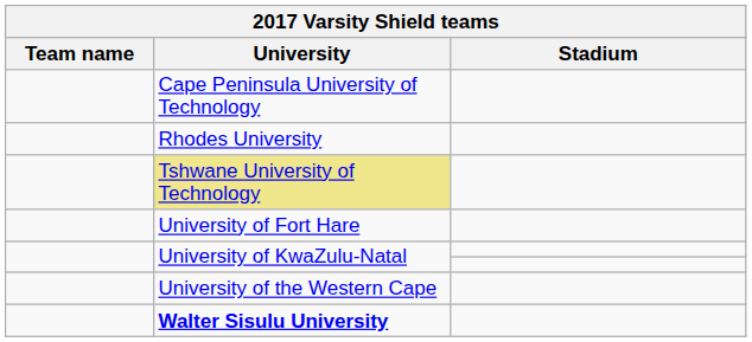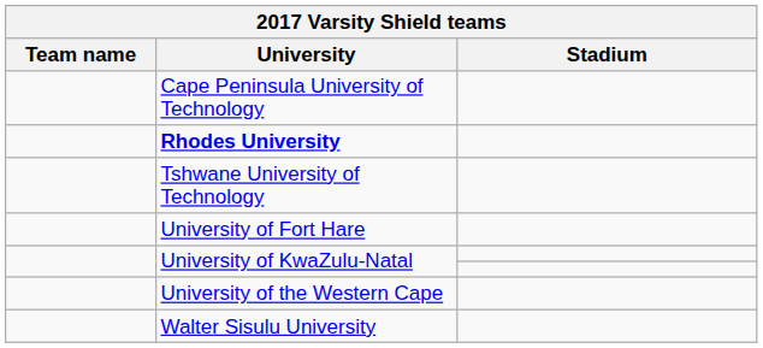 <table class="wikitable" style="text-align:left; font-size:90%; width:60%;">
 <tr>
 <th colspan=4 align=center><strong>2017 Varsity Shield teams</strong></th>
 </tr>
 <tr>
 <th width="20%">Team name</th>
 <th width="40%">University</th>
 <th width="40%">Stadium</th>
 </tr>
 <tr>
 <td></td>
 <td><a href='#'>Cape Peninsula University of Technology</a></td>
 <td></td>
 </tr>
 <tr>
 <td></td>
-<td><a href='#'>Rhodes University</a></td>
+<td><strong><a href='#'>Rhodes University</a></strong></td>
 <td></td>
 </tr>
 <tr>
 <td></td>
-<td style="background: khaki;"><a href='#'>Tshwane University of Technology</a></td>
+<td><a href='#'>Tshwane University of Technology</a></td>
 <td></td>
 </tr>
 <tr>
 <td></td>
 <td><a href='#'>University of Fort Hare</a></td>
 <td></td>
 </tr>
 <tr>
 <td rowspan=2></td>
 <td rowspan=2><a href='#'>University of KwaZulu-Natal</a></td>
 <td></td>
 </tr>
 <tr>
 <td></td>
 </tr>
 <tr>
 <td></td>
 <td><a href='#'>University of the Western Cape</a></td>
 <td></td>
 </tr>
 <tr>
 <td></td>
-<td><strong><a href='#'>Walter Sisulu University</a></strong></td>
+<td><a href='#'>Walter Sisulu University</a></td>
 <td></td>
 </tr>
 </table>
